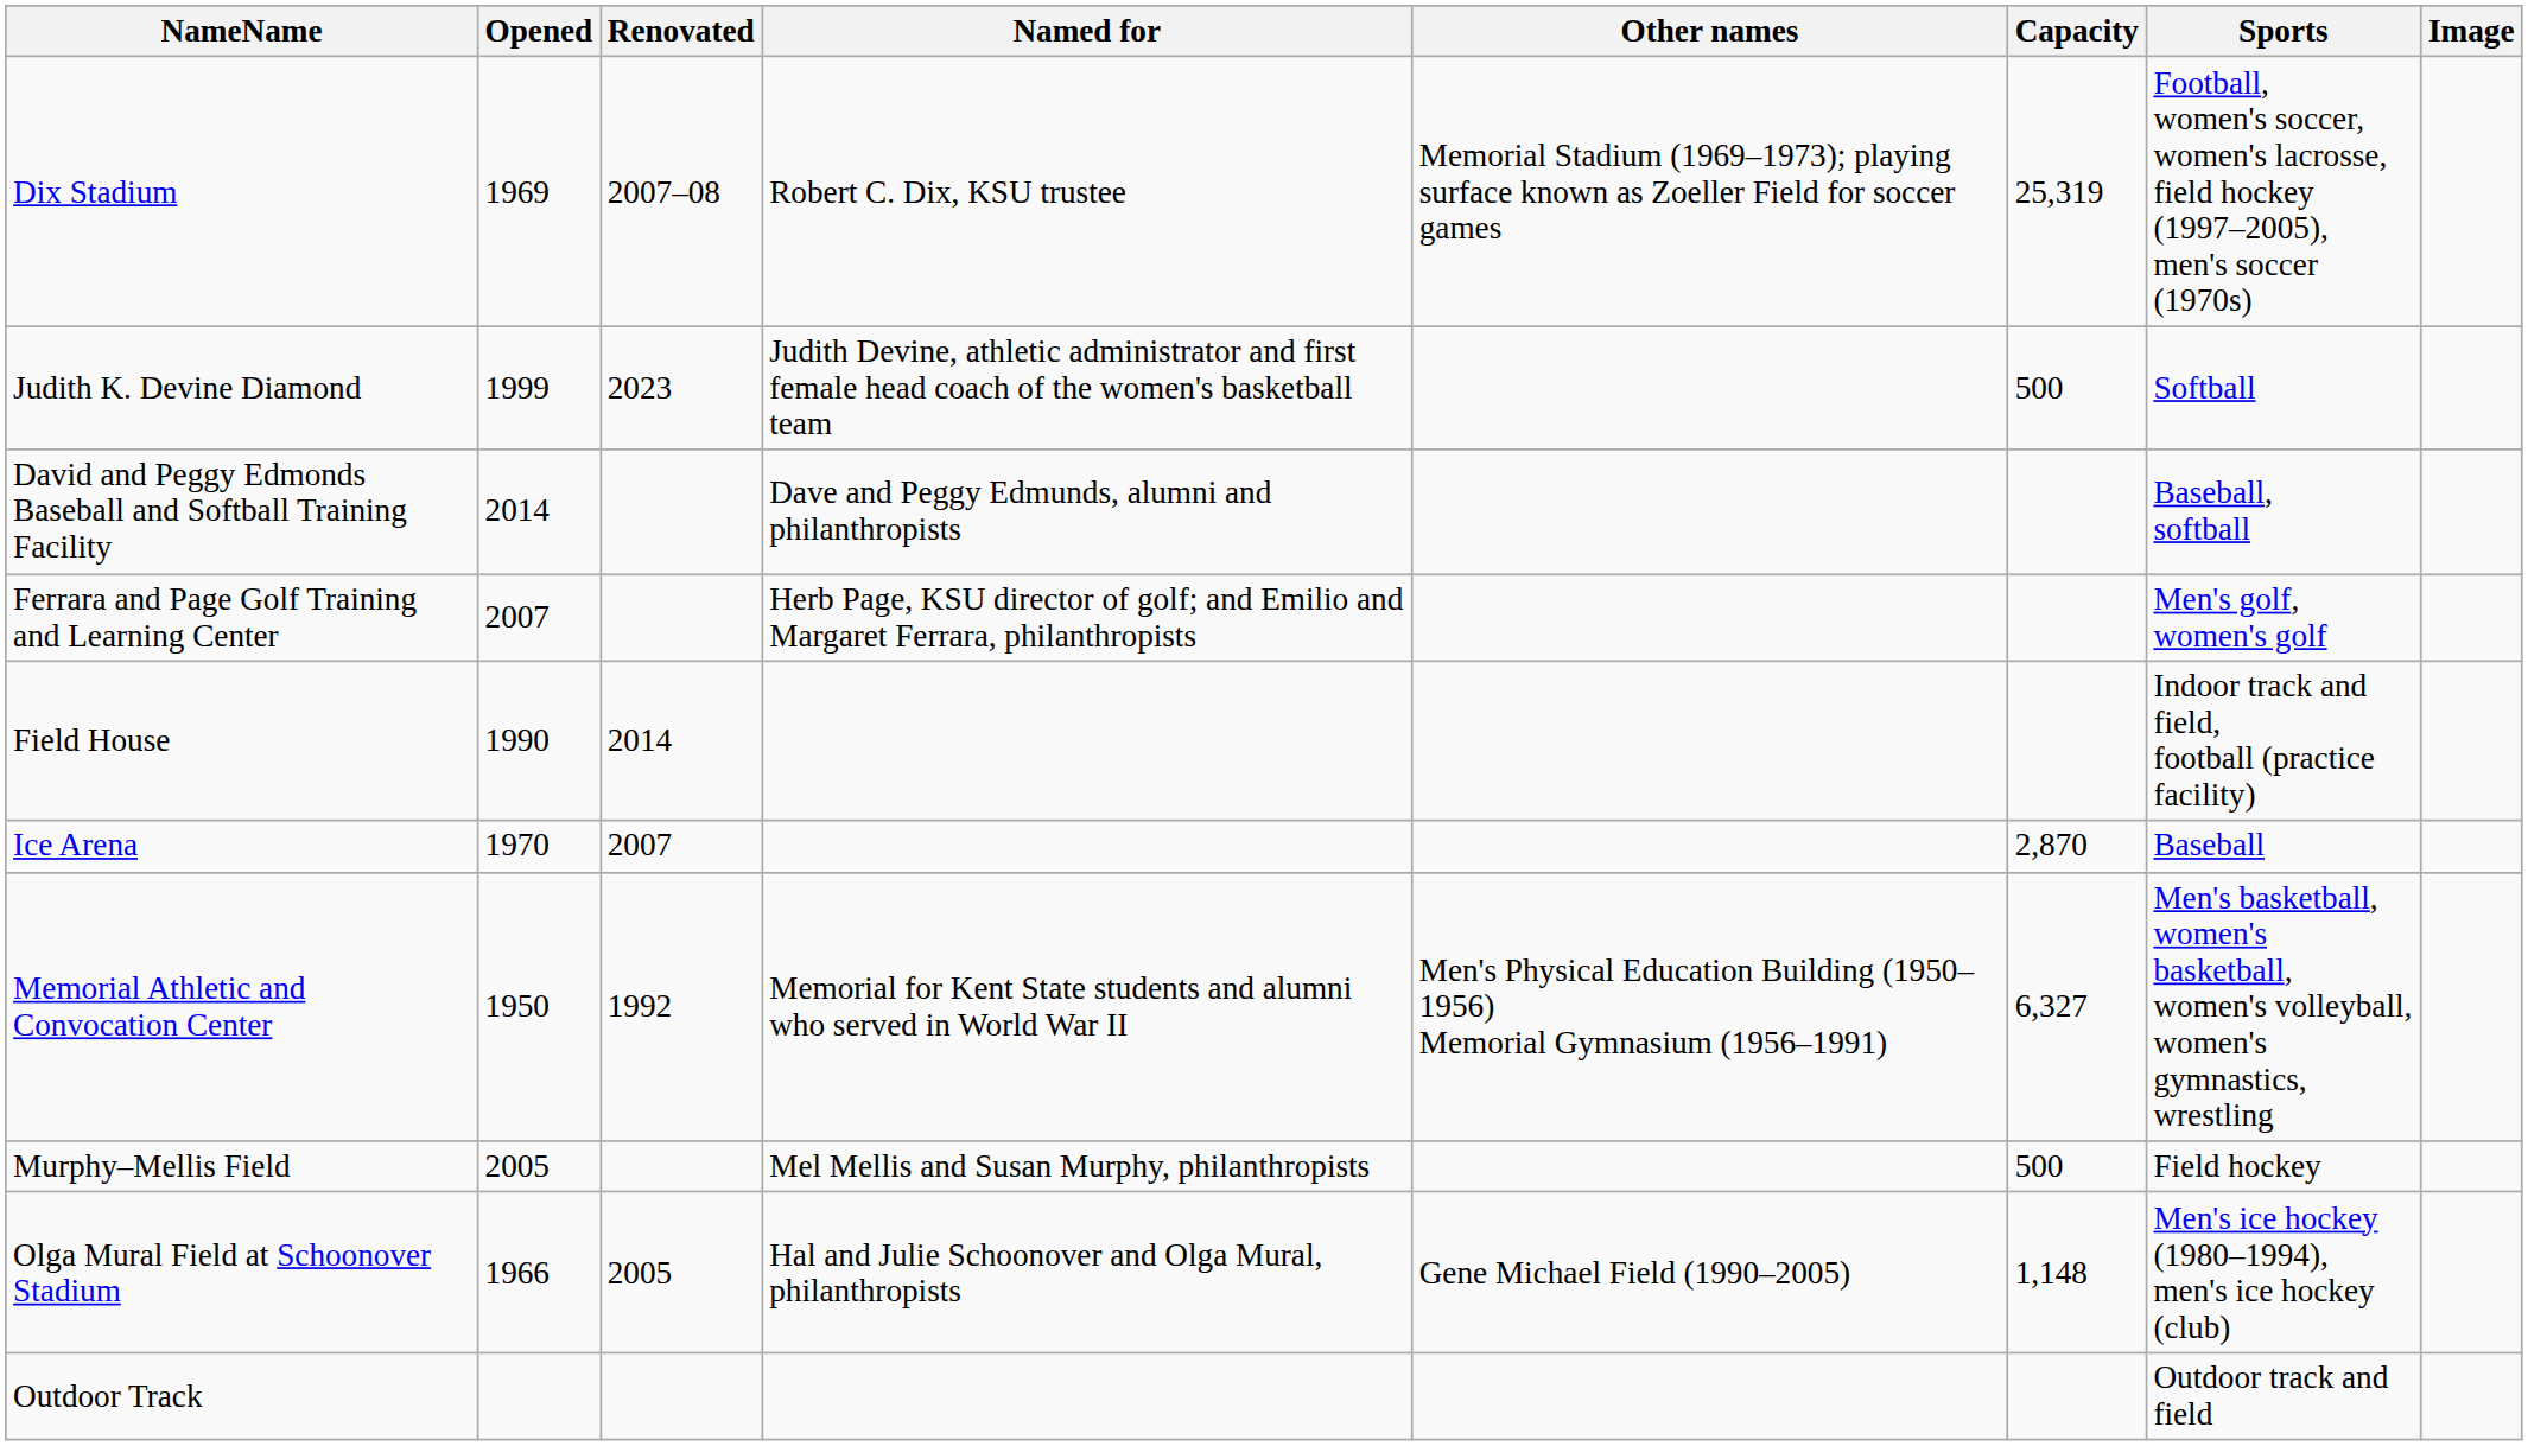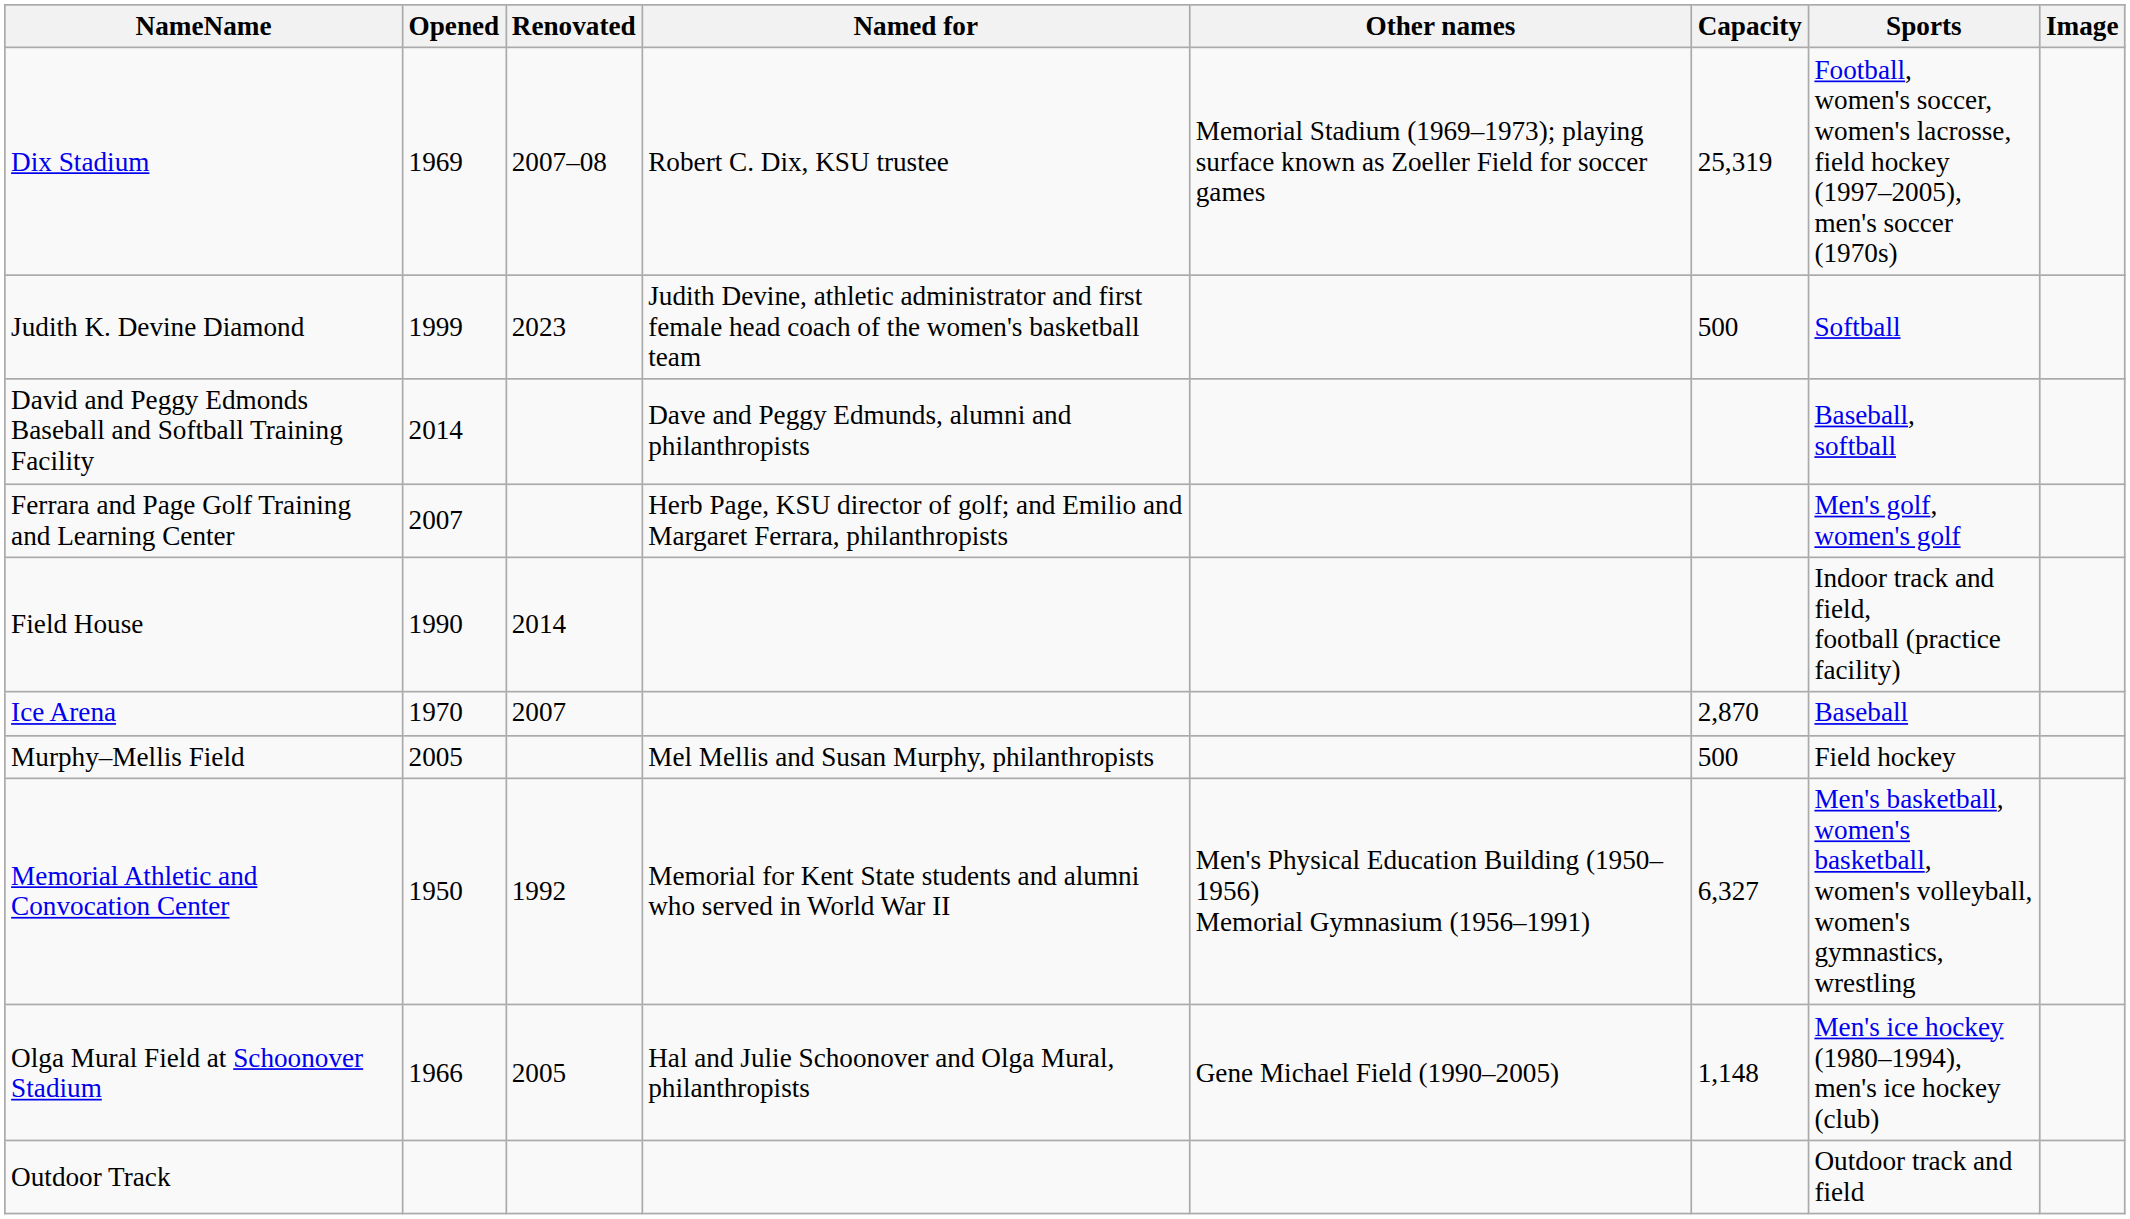 <table class="wikitable">
 <tr>
 <th width=px>NameName</th>
 <th width=px>Opened</th>
 <th width=px>Renovated</th>
 <th width=px>Named for</th>
 <th width=px>Other names</th>
 <th width=px>Capacity</th>
 <th width=px>Sports</th>
 <th width=px>Image</th>
 </tr>
 <tr>
 <td><a href='#'>Dix Stadium</a></td>
 <td>1969</td>
 <td>2007–08</td>
 <td>Robert C. Dix, KSU trustee</td>
 <td>Memorial Stadium (1969–1973); playing surface known as Zoeller Field for soccer games</td>
 <td>25,319</td>
 <td><a href='#'>Football</a>,<br>women's soccer,<br>women's lacrosse,<br>field hockey (1997–2005),<br>men's soccer (1970s)</td>
 <td></td>
 </tr>
 <tr>
 <td>Judith K. Devine Diamond</td>
 <td>1999</td>
 <td>2023</td>
 <td>Judith Devine, athletic administrator and first female head coach of the women's basketball team</td>
 <td></td>
 <td>500</td>
 <td><a href='#'>Softball</a></td>
 <td></td>
 </tr>
 <tr>
 <td>David and Peggy Edmonds Baseball and Softball Training Facility</td>
 <td>2014</td>
 <td></td>
 <td>Dave and Peggy Edmunds, alumni and philanthropists</td>
 <td></td>
 <td></td>
 <td><a href='#'>Baseball</a>,<br><a href='#'>softball</a></td>
 <td></td>
 </tr>
 <tr>
 <td>Ferrara and Page Golf Training and Learning Center</td>
 <td>2007</td>
 <td></td>
 <td>Herb Page, KSU director of golf; and Emilio and Margaret Ferrara, philanthropists</td>
 <td></td>
 <td></td>
 <td><a href='#'>Men's golf</a>,<br><a href='#'>women's golf</a></td>
 <td></td>
 </tr>
 <tr>
 <td>Field House</td>
 <td>1990</td>
 <td>2014</td>
 <td></td>
 <td></td>
 <td></td>
 <td>Indoor track and field,<br>football (practice facility)</td>
 <td></td>
 </tr>
 <tr>
 <td><a href='#'>Ice Arena</a></td>
 <td>1970</td>
 <td>2007</td>
 <td></td>
 <td></td>
 <td>2,870</td>
 <td><a href='#'>Baseball</a></td>
 <td></td>
 </tr>
 <tr>
+<td>Murphy–Mellis Field</td>
+<td>2005</td>
+<td></td>
+<td>Mel Mellis and Susan Murphy, philanthropists</td>
+<td></td>
+<td>500</td>
+<td>Field hockey</td>
+<td></td>
+</tr>
+<tr>
 <td><a href='#'>Memorial Athletic and Convocation Center</a></td>
 <td>1950</td>
 <td>1992</td>
 <td>Memorial for Kent State students and alumni who served in World War II</td>
 <td>Men's Physical Education Building (1950–1956)<br>Memorial Gymnasium (1956–1991)</td>
 <td>6,327</td>
 <td><a href='#'>Men's basketball</a>,<br><a href='#'>women's basketball</a>,<br>women's volleyball,<br>women's gymnastics,<br>wrestling</td>
-<td></td>
-</tr>
-<tr>
-<td>Murphy–Mellis Field</td>
-<td>2005</td>
-<td></td>
-<td>Mel Mellis and Susan Murphy, philanthropists</td>
-<td></td>
-<td>500</td>
-<td>Field hockey</td>
 <td></td>
 </tr>
 <tr>
 <td>Olga Mural Field at <a href='#'>Schoonover Stadium</a></td>
 <td>1966</td>
 <td>2005</td>
 <td>Hal and Julie Schoonover and Olga Mural, philanthropists</td>
 <td>Gene Michael Field (1990–2005)</td>
 <td>1,148</td>
 <td><a href='#'>Men's ice hockey</a> (1980–1994),<br>men's ice hockey (club)</td>
 <td></td>
 </tr>
 <tr>
 <td>Outdoor Track</td>
 <td></td>
 <td></td>
 <td></td>
 <td></td>
 <td></td>
 <td>Outdoor track and field</td>
 <td></td>
 </tr>
 </table>
